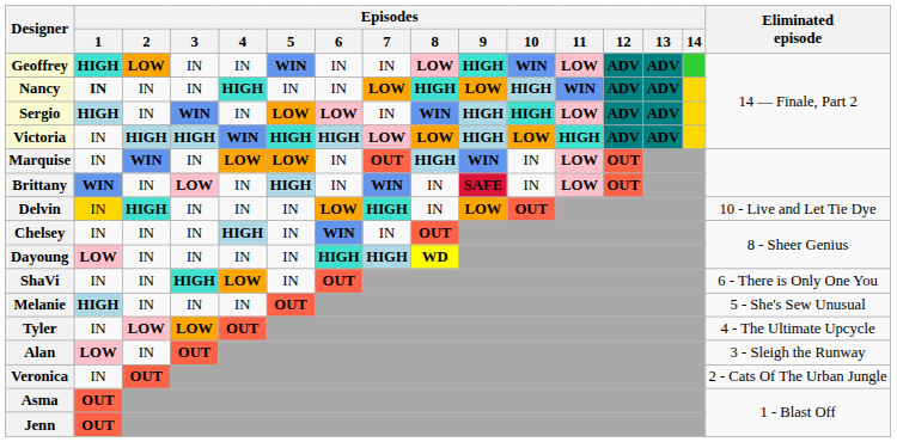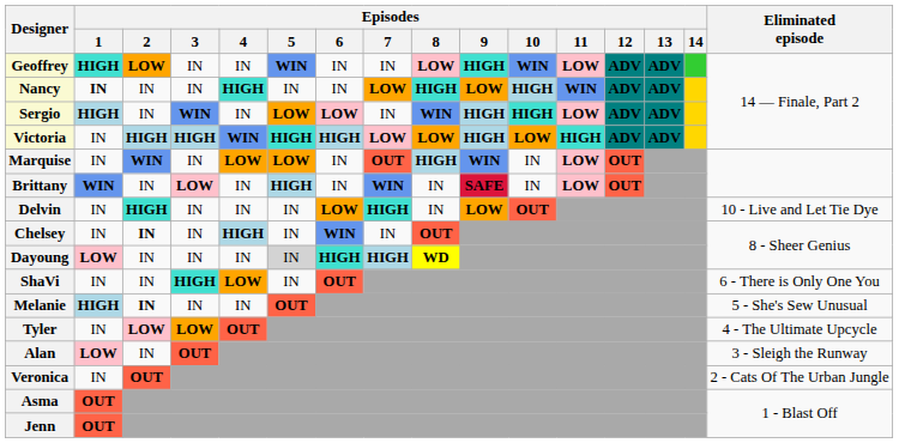 <table class="wikitable" style="text-align:center">
 <tr>
 <th rowspan="2"><strong>Designer</strong></th>
 <th colspan="14"><strong>Episodes</strong></th>
 <th rowspan="2"><strong>Eliminated<br> episode</strong></th>
 </tr>
 <tr>
 <th>1 </th>
 <th>2</th>
 <th>3</th>
 <th>4</th>
 <th>5</th>
 <th>6</th>
 <th>7</th>
 <th>8</th>
 <th>9 </th>
 <th>10</th>
 <th>11 </th>
 <th>12 </th>
 <th>13</th>
 <th>14</th>
 </tr>
 <tr>
 <th style="background:#FAFAD2;">Geoffrey</th>
 <td style="background:turquoise;"><strong>HIGH</strong></td>
 <td style="background:orange;"><strong>LOW</strong></td>
 <td>IN</td>
 <td>IN</td>
 <td style="background:cornflowerblue;"><strong>WIN</strong></td>
 <td>IN</td>
 <td>IN</td>
 <td style="background:pink;"><strong>LOW</strong></td>
 <td style="background:turquoise;"><strong>HIGH</strong></td>
 <td style="background:cornflowerblue;"><strong>WIN</strong></td>
 <td style="background:pink;"><strong>LOW</strong></td>
 <td style="background:teal;"><strong>ADV</strong></td>
 <td style="background:teal;"><strong>ADV</strong></td>
 <td style="background:limegreen;"></td>
 <td rowspan="4">14 — Finale, Part 2</td>
 </tr>
 <tr>
 <th style="background:#FAFAD2;">Nancy</th>
 <td><strong>IN</strong></td>
 <td>IN</td>
 <td>IN</td>
 <td style="background:turquoise;"><strong>HIGH</strong></td>
 <td>IN</td>
 <td>IN</td>
 <td style="background:orange;"><strong>LOW</strong></td>
 <td style="background:turquoise;"><strong>HIGH</strong></td>
 <td style="background:orange;"><strong>LOW</strong></td>
 <td style="background:lightblue;"><strong>HIGH</strong></td>
 <td style="background:cornflowerblue;"><strong>WIN</strong></td>
 <td style="background:teal;"><strong>ADV</strong></td>
 <td style="background:teal;"><strong>ADV</strong></td>
 <td style="background:gold;"></td>
 </tr>
 <tr>
 <th style="background:#FAFAD2;">Sergio</th>
 <td style="background:lightblue;"><strong>HIGH</strong></td>
 <td>IN</td>
 <td style="background:cornflowerblue;"><strong>WIN</strong></td>
 <td>IN</td>
 <td style="background:orange;"><strong>LOW</strong></td>
 <td style="background:pink;"><strong>LOW</strong></td>
 <td>IN</td>
 <td style="background:cornflowerblue;"><strong>WIN</strong></td>
 <td style="background:lightblue;"><strong>HIGH</strong></td>
 <td style="background:turquoise;"><strong>HIGH</strong></td>
 <td style="background:pink;"><strong>LOW</strong></td>
 <td style="background:teal;"><strong>ADV</strong></td>
 <td style="background:teal;"><strong>ADV</strong></td>
 <td style="background:gold;"></td>
 </tr>
 <tr>
 <th style="background:#FAFAD2;">Victoria</th>
 <td>IN</td>
 <td style="background:lightblue;"><strong>HIGH</strong></td>
 <td style="background:lightblue;"><strong>HIGH</strong></td>
 <td style="background:cornflowerblue;"><strong>WIN</strong></td>
 <td style="background:turquoise;"><strong>HIGH</strong></td>
 <td style="background:lightblue;"><strong>HIGH</strong></td>
 <td style="background:pink;"><strong>LOW</strong></td>
 <td style="background:orange;"><strong>LOW</strong></td>
 <td style="background:lightblue;"><strong>HIGH</strong></td>
 <td style="background:orange;"><strong>LOW</strong></td>
 <td style="background:turquoise;"><strong>HIGH</strong></td>
 <td style="background:teal;"><strong>ADV</strong></td>
 <td style="background:teal;"><strong>ADV</strong></td>
 <td style="background:gold;"></td>
 </tr>
 <tr>
 <th>Marquise</th>
 <td>IN</td>
 <td style="background:cornflowerblue;"><strong>WIN</strong></td>
 <td>IN</td>
 <td style="background:orange;"><strong>LOW</strong></td>
 <td style="background:orange;"><strong>LOW</strong></td>
 <td>IN</td>
 <td style="background:tomato;"><strong>OUT</strong></td>
 <td style="background:lightblue;"><strong>HIGH</strong></td>
 <td style="background:cornflowerblue;"><strong>WIN</strong></td>
 <td>IN</td>
 <td style="background:pink;"><strong>LOW</strong></td>
 <td style="background:tomato;"><strong>OUT</strong></td>
 <td style="background:darkgray;" colspan="2"></td>
 <td rowspan="2"></td>
 </tr>
 <tr>
 <th>Brittany</th>
 <td style="background:cornflowerblue;"><strong>WIN</strong></td>
 <td>IN</td>
 <td style="background:pink;"><strong>LOW</strong></td>
 <td>IN</td>
 <td style="background:lightblue;"><strong>HIGH</strong></td>
 <td>IN</td>
 <td style="background:cornflowerblue;"><strong>WIN</strong></td>
 <td>IN</td>
 <td style="background:crimson;"><strong>SAFE</strong></td>
 <td>IN</td>
 <td style="background:pink;"><strong>LOW</strong></td>
 <td style="background:tomato;"><strong>OUT</strong></td>
 <td style="background:darkgray;" colspan="2"></td>
 </tr>
 <tr>
 <th>Delvin</th>
-<td style="background: gold;">IN</td>
+<td>IN</td>
 <td style="background:turquoise;"><strong>HIGH</strong></td>
 <td>IN</td>
 <td>IN</td>
 <td>IN</td>
 <td style="background:orange;"><strong>LOW</strong></td>
 <td style="background:turquoise;"><strong>HIGH</strong></td>
 <td>IN</td>
 <td style="background:orange;"><strong>LOW</strong></td>
 <td style="background:tomato;"><strong>OUT</strong></td>
 <td style="background:darkgray;" colspan="4"></td>
 <td>10 - Live and Let Tie Dye</td>
 </tr>
 <tr>
 <th>Chelsey</th>
 <td>IN</td>
-<td>IN</td>
+<td><strong>IN</strong></td>
 <td>IN</td>
 <td style="background:lightblue;"><strong>HIGH</strong></td>
 <td>IN</td>
 <td style="background:cornflowerblue;"><strong>WIN</strong></td>
 <td>IN</td>
 <td style="background:tomato;"><strong>OUT</strong></td>
 <td style="background:darkgray;" colspan="6"></td>
 <td rowspan="2">8 - Sheer Genius</td>
 </tr>
 <tr>
 <th>Dayoung</th>
 <td style="background:pink;"><strong>LOW</strong></td>
 <td>IN</td>
 <td>IN</td>
 <td>IN</td>
-<td>IN</td>
+<td style="background: lightgrey;">IN</td>
 <td style="background:turquoise;"><strong>HIGH</strong></td>
 <td style="background:lightblue;"><strong>HIGH</strong></td>
 <td style="background:yellow;"><strong>WD</strong></td>
 <td style="background:darkgray;" colspan="6"></td>
 </tr>
 <tr>
 <th>ShaVi</th>
 <td>IN</td>
 <td>IN</td>
 <td style="background:turquoise;"><strong>HIGH</strong></td>
 <td style="background:orange;"><strong>LOW</strong></td>
 <td>IN</td>
 <td style="background:tomato;"><strong>OUT</strong></td>
 <td style="background:darkgrey;" colspan="8"></td>
 <td>6 - There is Only One You</td>
 </tr>
 <tr>
 <th>Melanie</th>
 <td style="background:lightblue;"><strong>HIGH</strong></td>
-<td>IN</td>
+<td><strong>IN</strong></td>
 <td>IN</td>
 <td>IN</td>
 <td style="background:tomato;"><strong>OUT</strong></td>
 <td style="background:darkgrey;" colspan="9"></td>
 <td>5 - She's Sew Unusual</td>
 </tr>
 <tr>
 <th>Tyler</th>
 <td>IN</td>
 <td style="background:pink;"><strong>LOW</strong></td>
 <td style="background:orange;"><strong>LOW</strong></td>
 <td style="background:tomato;"><strong>OUT</strong></td>
 <td style="background:darkgrey;" colspan="10"></td>
 <td>4 - The Ultimate Upcycle</td>
 </tr>
 <tr>
 <th>Alan</th>
 <td style="background:pink;"><strong>LOW</strong></td>
 <td>IN</td>
 <td style="background:tomato;"><strong>OUT</strong></td>
 <td style="background:darkgrey;" colspan="11"></td>
 <td>3 - Sleigh the Runway</td>
 </tr>
 <tr>
 <th>Veronica</th>
 <td>IN</td>
 <td style="background:tomato;"><strong>OUT</strong></td>
 <td style="background:darkgrey;" colspan="12"></td>
 <td>2 - Cats Of The Urban Jungle</td>
 </tr>
 <tr>
 <th>Asma</th>
 <td style="background:tomato;"><strong>OUT</strong></td>
 <td style="background:darkgrey;" colspan="13"></td>
 <td rowspan="2">1 - Blast Off</td>
 </tr>
 <tr>
 <th>Jenn</th>
 <td style="background:tomato;"><strong>OUT</strong></td>
 <td style="background:darkgrey;" colspan="13"></td>
 </tr>
 </table>
